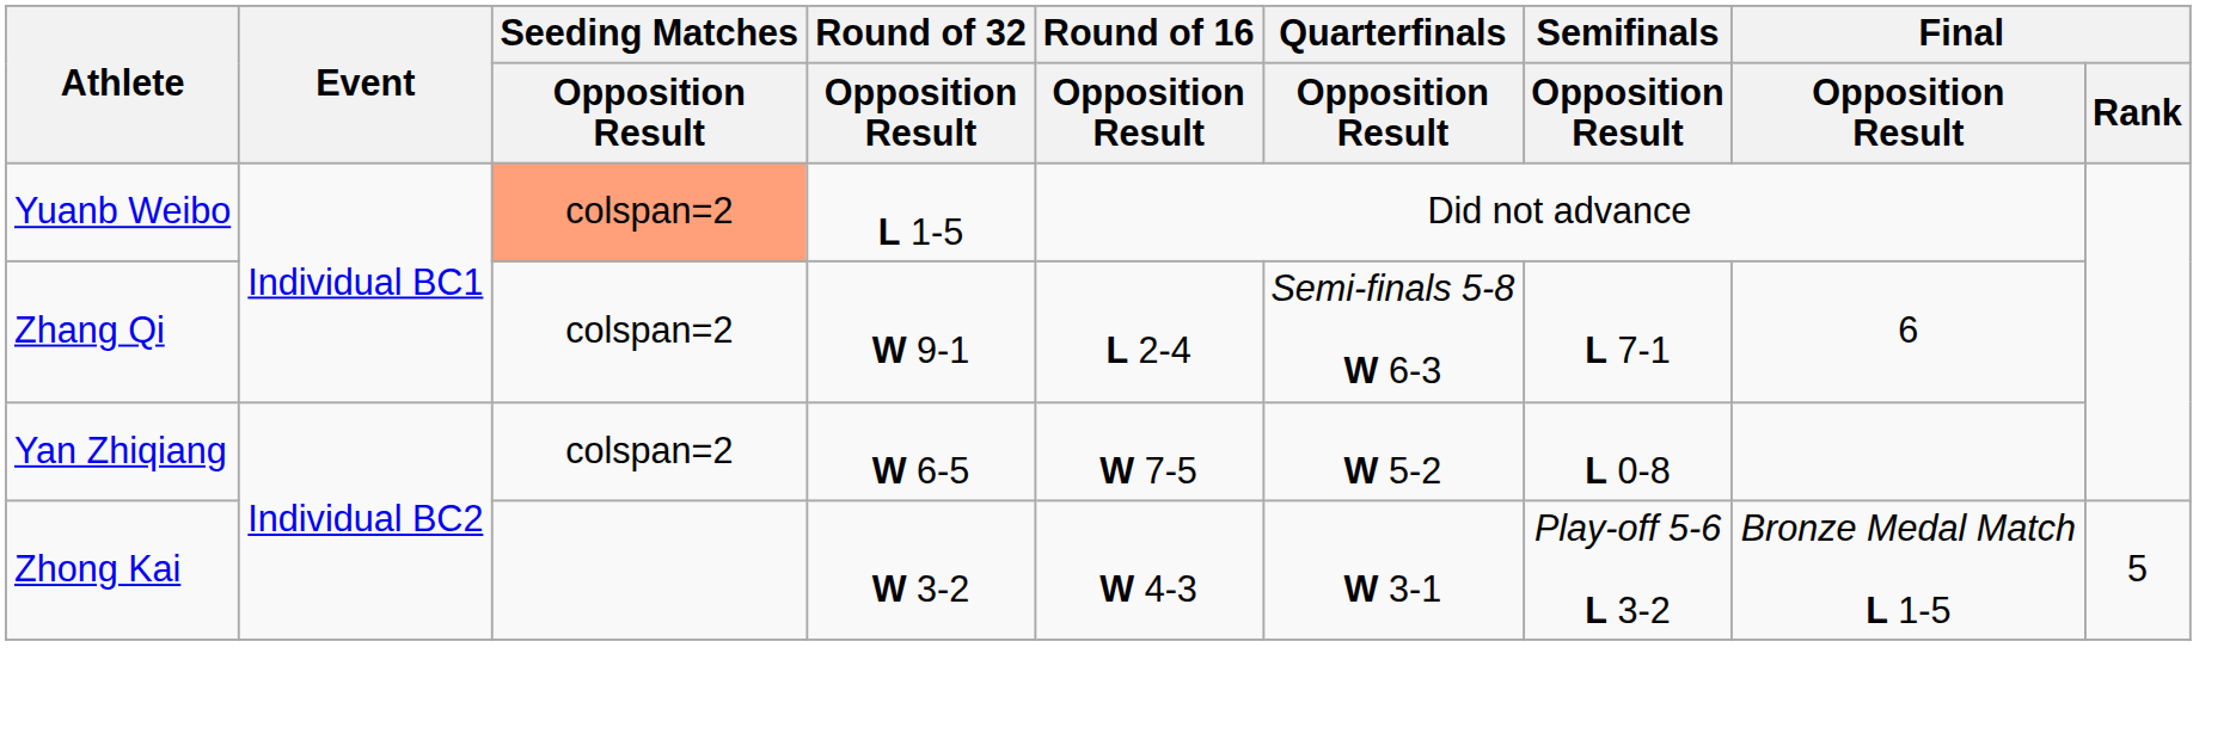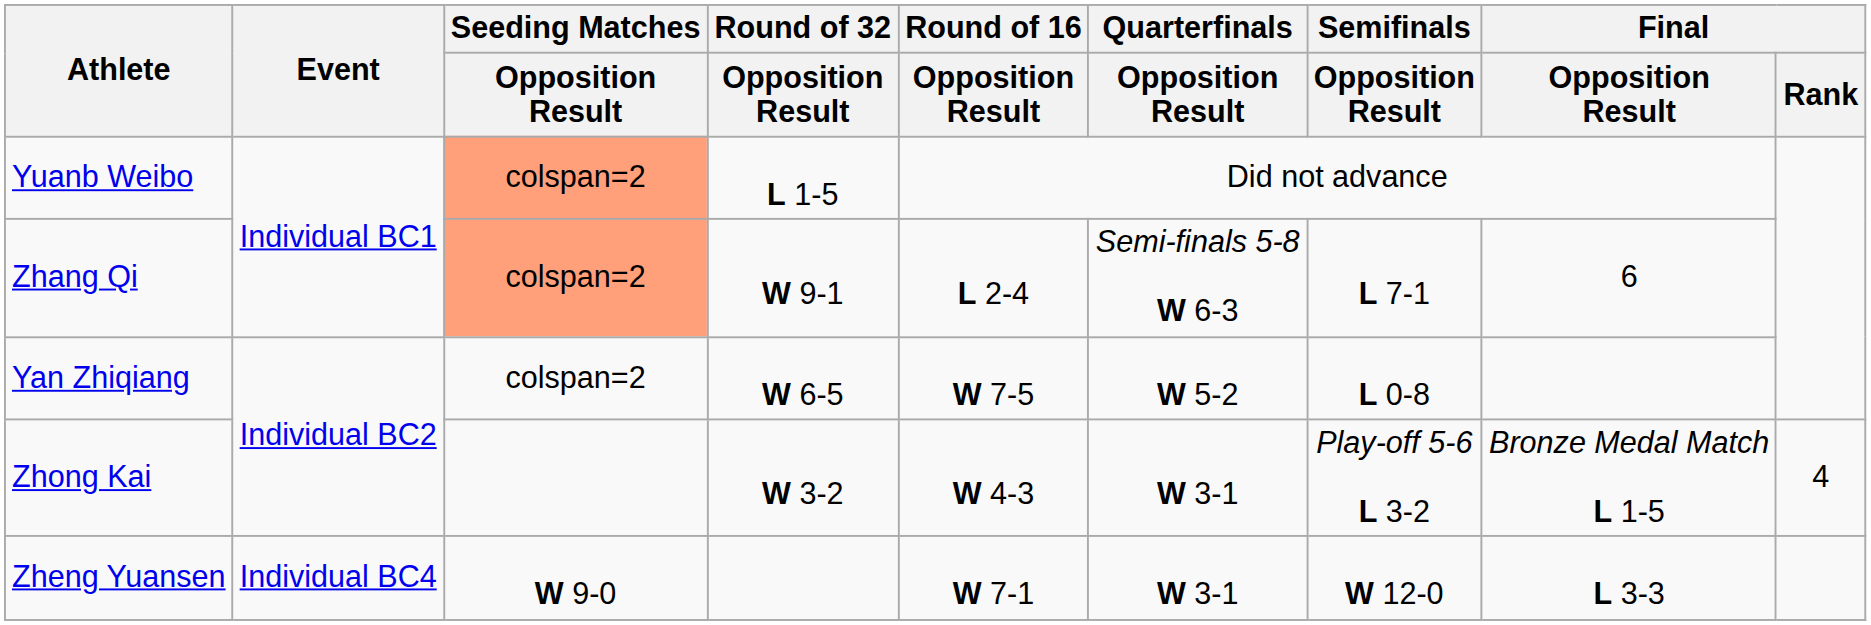 <table class=wikitable>
 <tr>
 <th rowspan="2">Athlete</th>
 <th rowspan="2">Event</th>
 <th>Seeding Matches</th>
 <th>Round of 32</th>
 <th>Round of 16</th>
 <th>Quarterfinals</th>
 <th>Semifinals</th>
 <th colspan="2">Final</th>
 </tr>
 <tr>
 <th>Opposition<br>Result</th>
 <th>Opposition<br>Result</th>
 <th>Opposition<br>Result</th>
 <th>Opposition<br>Result</th>
 <th>Opposition<br>Result</th>
 <th>Opposition<br>Result</th>
 <th>Rank</th>
 </tr>
 <tr align=center>
 <td align=left><a href='#'>Yuanb Weibo</a></td>
 <td align=left rowspan=2><a href='#'>Individual BC1</a></td>
 <td style="background: lightsalmon;">colspan=2 </td>
 <td><br><strong>L</strong> 1-5</td>
 <td colspan=4>Did not advance</td>
 </tr>
 <tr align=center>
 <td align=left><a href='#'>Zhang Qi</a></td>
-<td>colspan=2 </td>
+<td style="background: lightsalmon;">colspan=2 </td>
 <td><br><strong>W</strong> 9-1</td>
 <td><br><strong>L</strong> 2-4</td>
 <td><em>Semi-finals 5-8</em><br><br><strong>W</strong> 6-3</td>
 <td><br><strong>L</strong> 7-1</td>
 <td>6</td>
 </tr>
 <tr align=center>
 <td align=left><a href='#'>Yan Zhiqiang</a></td>
 <td align=left rowspan=2><a href='#'>Individual BC2</a></td>
 <td>colspan=2 </td>
 <td><br><strong>W</strong> 6-5</td>
 <td><br><strong>W</strong> 7-5</td>
 <td><br><strong>W</strong> 5-2</td>
 <td><br><strong>L</strong> 0-8</td>
 <td></td>
 </tr>
 <tr align=center>
 <td align=left><a href='#'>Zhong Kai</a></td>
 <td></td>
 <td><br><strong>W</strong> 3-2</td>
 <td><br><strong>W</strong> 4-3</td>
 <td><br><strong>W</strong> 3-1</td>
 <td><em>Play-off 5-6</em><br><br><strong>L</strong> 3-2</td>
 <td><em>Bronze Medal Match</em><br><br><strong>L</strong> 1-5</td>
-<td>5</td>
+<td>4</td>
+</tr>
+<tr align=center>
+<td align=left><a href='#'>Zheng Yuansen</a></td>
+<td align=left><a href='#'>Individual BC4</a></td>
+<td><br><strong>W</strong> 9-0</td>
+<td></td>
+<td><br><strong>W</strong> 7-1</td>
+<td><br><strong>W</strong> 3-1</td>
+<td><br><strong>W</strong> 12-0</td>
+<td><br><strong>L</strong> 3-3</td>
+<td></td>
 </tr>
 </table>
